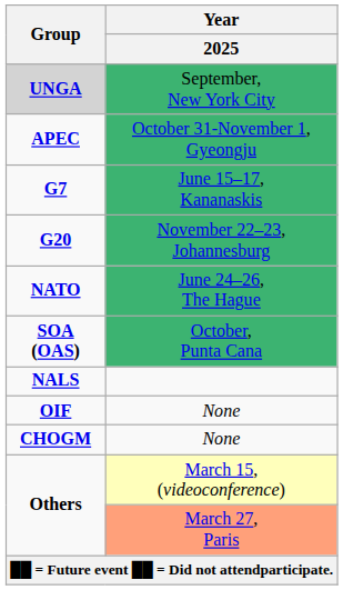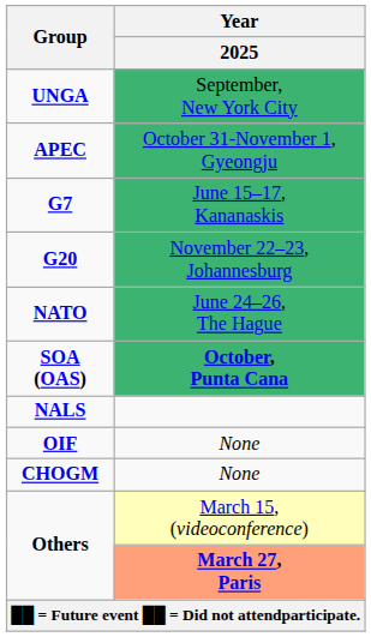 <table class="wikitable" style="margin:1em auto; font-size:85%; text-align:center;">
 <tr>
 <th rowspan="2">Group</th>
 <th colspan="10">Year</th>
 </tr>
 <tr>
 <th>2025</th>
 </tr>
 <tr>
-<td style="background: lightgrey;"><strong><a href='#'>UNGA</a></strong></td>
+<td><strong><a href='#'>UNGA</a></strong></td>
 <td style="background:#3Cb371;">September,<br> <a href='#'>New York City</a></td>
 </tr>
 <tr>
 <td><strong><a href='#'>APEC</a></strong></td>
 <td style="background:#3Cb371;"><a href='#'>October 31-November 1</a>,<br> <a href='#'>Gyeongju</a></td>
 </tr>
 <tr>
 <td><strong><a href='#'>G7</a></strong></td>
 <td style="background:#3Cb371;"><a href='#'>June 15–17</a>,<br> <a href='#'>Kananaskis</a></td>
 </tr>
 <tr>
 <td><strong><a href='#'>G20</a></strong></td>
 <td style="background:#3Cb371;"><a href='#'>November 22–23</a>,<br> <a href='#'>Johannesburg</a></td>
 </tr>
 <tr>
 <td><strong><a href='#'>NATO</a></strong></td>
 <td style="background:#3Cb371;"><a href='#'>June 24–26</a>,<br> <a href='#'>The Hague</a></td>
 </tr>
 <tr>
 <td><strong><a href='#'>SOA</a><br>(<a href='#'>OAS</a>)</strong></td>
-<td style="background:#3Cb371;"><a href='#'>October</a>,<br> <a href='#'>Punta Cana</a></td>
+<td style="background:#3Cb371;"><strong><a href='#'>October</a>,<br> <a href='#'>Punta Cana</a></strong></td>
 </tr>
 <tr>
 <td><strong><a href='#'>NALS</a></strong></td>
 <td></td>
 </tr>
 <tr>
 <td><strong><a href='#'>OIF</a></strong></td>
 <td><em>None</em></td>
 </tr>
 <tr>
 <td><strong><a href='#'>CHOGM</a></strong></td>
 <td><em>None</em></td>
 </tr>
 <tr>
 <td rowspan="2"><strong>Others</strong></td>
 <td style="background:#ffb;"><a href='#'>March 15</a>,<br>(<em>videoconference</em>)<br></td>
 </tr>
 <tr>
-<td style="background:#ffa07a;"><a href='#'>March 27</a>,<br> <a href='#'>Paris</a></td>
+<td style="background:#ffa07a;"><strong><a href='#'>March 27</a>,<br> <a href='#'>Paris</a></strong></td>
 </tr>
 <tr>
 <th colspan="6"><small><span>██</span> = Future event <span>██</span> = Did not attendparticipate.</small></th>
 </tr>
 </table>
